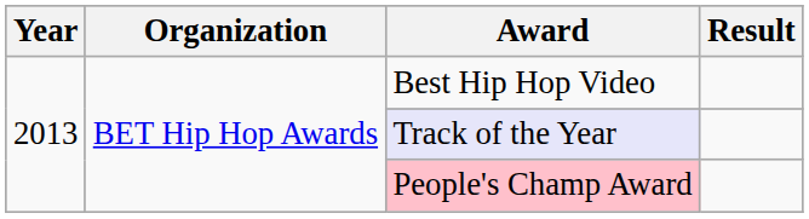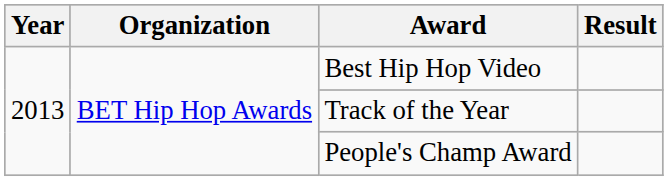 <table class="wikitable">
 <tr>
 <th>Year</th>
 <th>Organization</th>
 <th>Award</th>
 <th>Result</th>
 </tr>
 <tr>
 <td rowspan="3">2013</td>
 <td rowspan="3"><a href='#'>BET Hip Hop Awards</a></td>
 <td>Best Hip Hop Video</td>
 <td></td>
 </tr>
 <tr>
-<td style="background: lavender;">Track of the Year</td>
+<td>Track of the Year</td>
 <td></td>
 </tr>
 <tr>
-<td style="background: pink;">People's Champ Award</td>
+<td>People's Champ Award</td>
 <td></td>
 </tr>
 </table>
